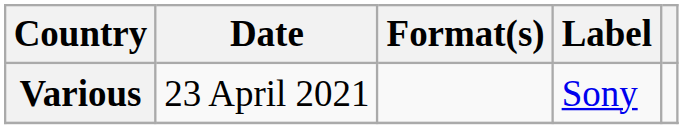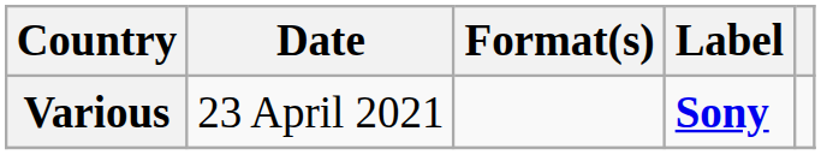 <table class="wikitable plainrowheaders">
 <tr>
 <th scope="col">Country</th>
 <th scope="col">Date</th>
 <th scope="col">Format(s)</th>
 <th scope="col">Label</th>
 <th scope="col"></th>
 </tr>
 <tr>
 <th scope="row">Various</th>
 <td>23 April 2021</td>
 <td></td>
-<td><a href='#'>Sony</a></td>
+<td><strong><a href='#'>Sony</a></strong></td>
 <td></td>
 </tr>
 <tr>
 </tr>
 </table>
